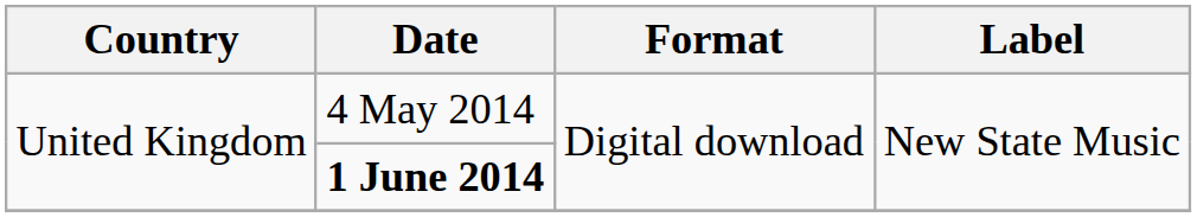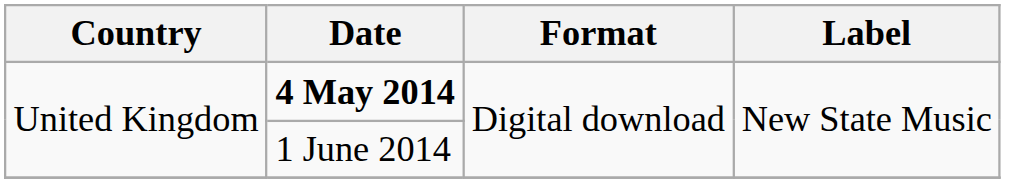 <table class="wikitable plainrowheaders">
 <tr>
 <th scope="col">Country</th>
 <th scope="col">Date</th>
 <th scope="col">Format</th>
 <th scope="col">Label</th>
 </tr>
 <tr>
 <td rowspan="2">United Kingdom</td>
-<td>4 May 2014</td>
+<td><strong>4 May 2014</strong></td>
 <td rowspan="2">Digital download</td>
 <td rowspan="2">New State Music</td>
 </tr>
 <tr>
-<td><strong>1 June 2014</strong></td>
+<td>1 June 2014</td>
 </tr>
 <tr>
 </tr>
 </table>
